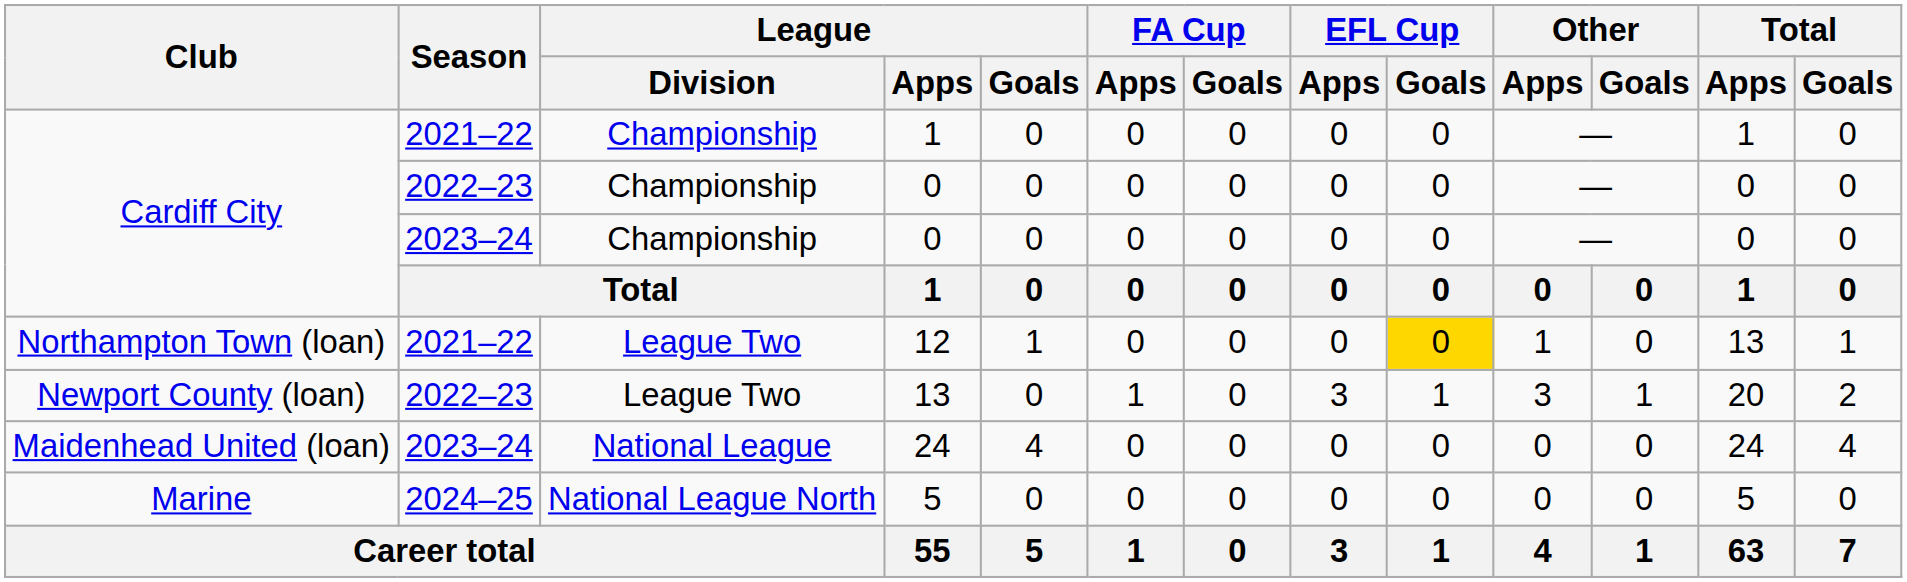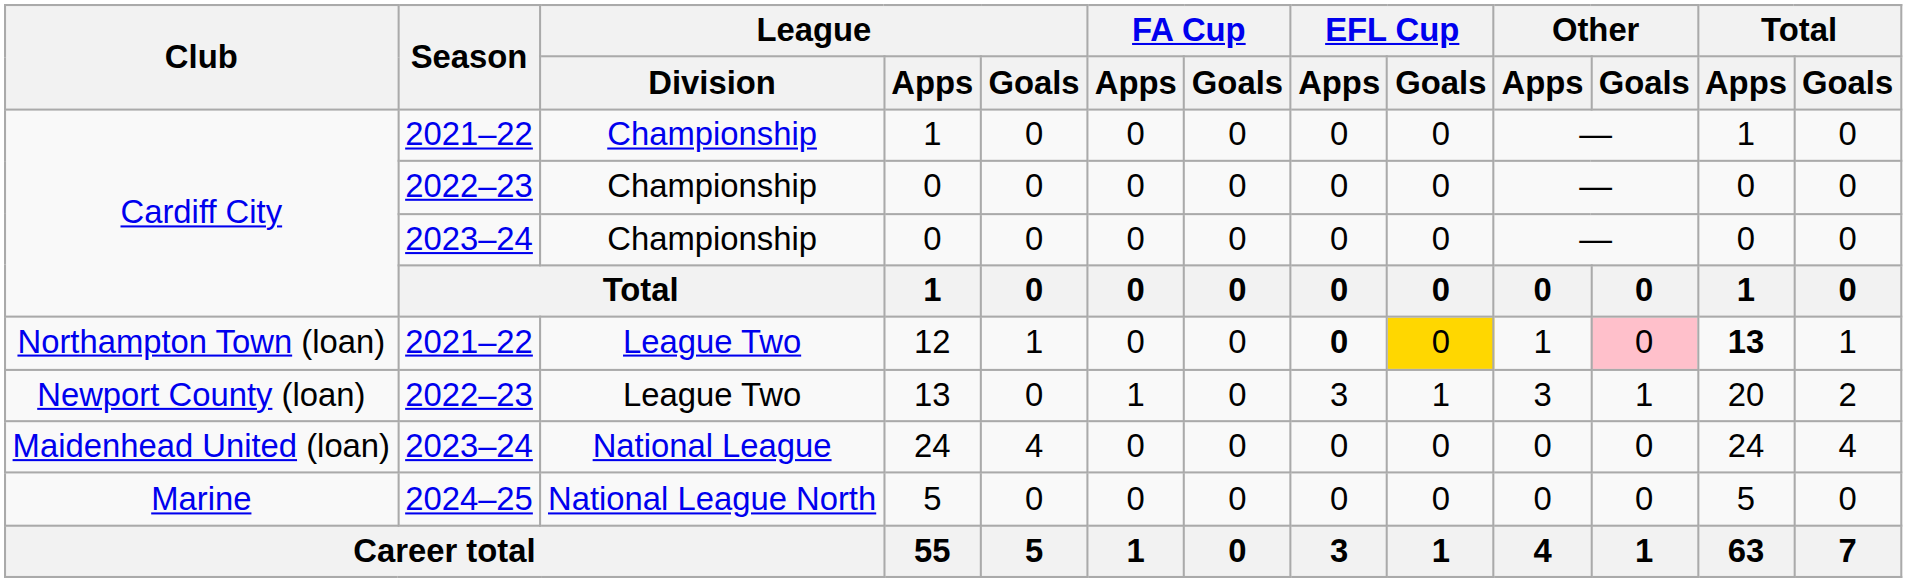 <table class="wikitable" style="text-align:center">
 <tr>
 <th rowspan=2>Club</th>
 <th rowspan=2>Season</th>
 <th colspan=3>League</th>
 <th colspan=2><a href='#'>FA Cup</a></th>
 <th colspan=2><a href='#'>EFL Cup</a></th>
 <th colspan=2>Other</th>
 <th colspan=2>Total</th>
 </tr>
 <tr>
 <th>Division</th>
 <th>Apps</th>
 <th>Goals</th>
 <th>Apps</th>
 <th>Goals</th>
 <th>Apps</th>
 <th>Goals</th>
 <th>Apps</th>
 <th>Goals</th>
 <th>Apps</th>
 <th>Goals</th>
 </tr>
 <tr>
 <td rowspan=4><a href='#'>Cardiff City</a></td>
 <td><a href='#'>2021–22</a></td>
 <td><a href='#'>Championship</a></td>
 <td>1</td>
 <td>0</td>
 <td>0</td>
 <td>0</td>
 <td>0</td>
 <td>0</td>
 <td colspan=2>—</td>
 <td>1</td>
 <td>0</td>
 </tr>
 <tr>
 <td><a href='#'>2022–23</a></td>
 <td>Championship</td>
 <td>0</td>
 <td>0</td>
 <td>0</td>
 <td>0</td>
 <td>0</td>
 <td>0</td>
 <td colspan=2>—</td>
 <td>0</td>
 <td>0</td>
 </tr>
 <tr>
 <td><a href='#'>2023–24</a></td>
 <td>Championship</td>
 <td>0</td>
 <td>0</td>
 <td>0</td>
 <td>0</td>
 <td>0</td>
 <td>0</td>
 <td colspan=2>—</td>
 <td>0</td>
 <td>0</td>
 </tr>
 <tr>
 <th colspan=2>Total</th>
 <th>1</th>
 <th>0</th>
 <th>0</th>
 <th>0</th>
 <th>0</th>
 <th>0</th>
 <th>0</th>
 <th>0</th>
 <th>1</th>
 <th>0</th>
 </tr>
 <tr>
 <td><a href='#'>Northampton Town</a> (loan)</td>
 <td><a href='#'>2021–22</a></td>
 <td><a href='#'>League Two</a></td>
 <td>12</td>
 <td>1</td>
 <td>0</td>
 <td>0</td>
-<td>0</td>
+<td><strong>0</strong></td>
 <td style="background: gold;">0</td>
 <td>1</td>
-<td>0</td>
-<td>13</td>
+<td style="background: pink;">0</td>
+<td><strong>13</strong></td>
 <td>1</td>
 </tr>
 <tr>
 <td><a href='#'>Newport County</a> (loan)</td>
 <td><a href='#'>2022–23</a></td>
 <td>League Two</td>
 <td>13</td>
 <td>0</td>
 <td>1</td>
 <td>0</td>
 <td>3</td>
 <td>1</td>
 <td>3</td>
 <td>1</td>
 <td>20</td>
 <td>2</td>
 </tr>
 <tr>
 <td><a href='#'>Maidenhead United</a> (loan)</td>
 <td><a href='#'>2023–24</a></td>
 <td><a href='#'>National League</a></td>
 <td>24</td>
 <td>4</td>
 <td>0</td>
 <td>0</td>
 <td>0</td>
 <td>0</td>
 <td>0</td>
 <td>0</td>
 <td>24</td>
 <td>4</td>
 </tr>
 <tr>
 <td><a href='#'>Marine</a></td>
 <td><a href='#'>2024–25</a></td>
 <td><a href='#'>National League North</a></td>
 <td>5</td>
 <td>0</td>
 <td>0</td>
 <td>0</td>
 <td>0</td>
 <td>0</td>
 <td>0</td>
 <td>0</td>
 <td>5</td>
 <td>0</td>
 </tr>
 <tr>
 <th colspan=3>Career total</th>
 <th>55</th>
 <th>5</th>
 <th>1</th>
 <th>0</th>
 <th>3</th>
 <th>1</th>
 <th>4</th>
 <th>1</th>
 <th>63</th>
 <th>7</th>
 </tr>
 </table>
